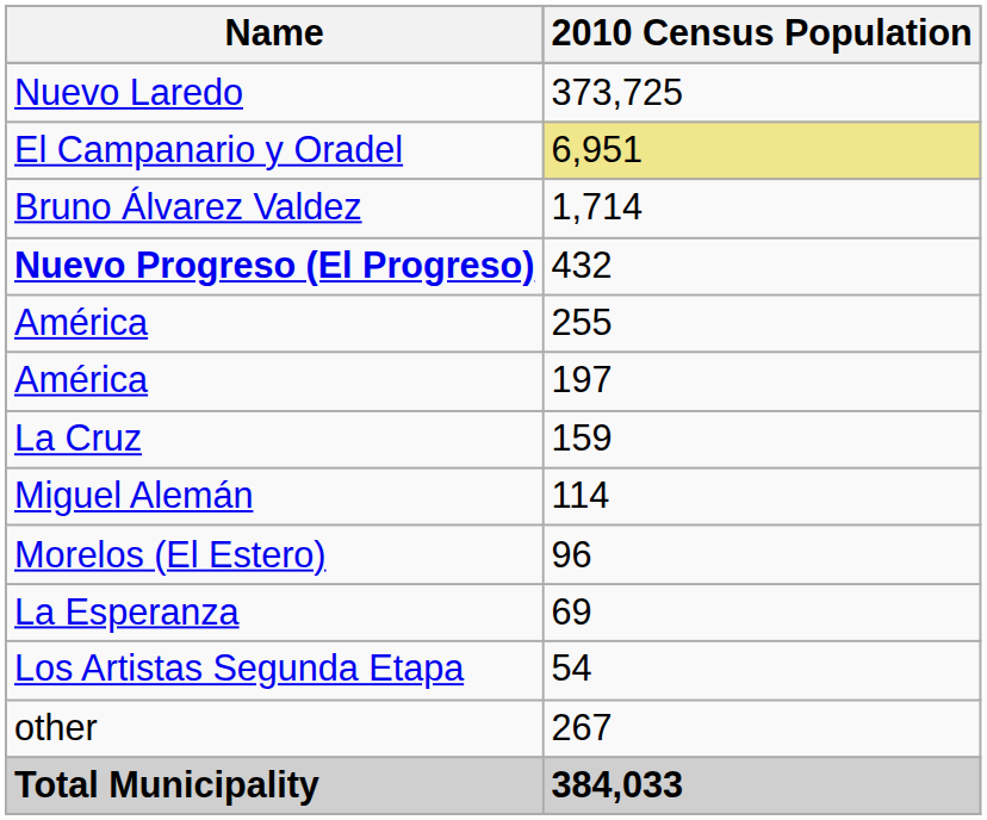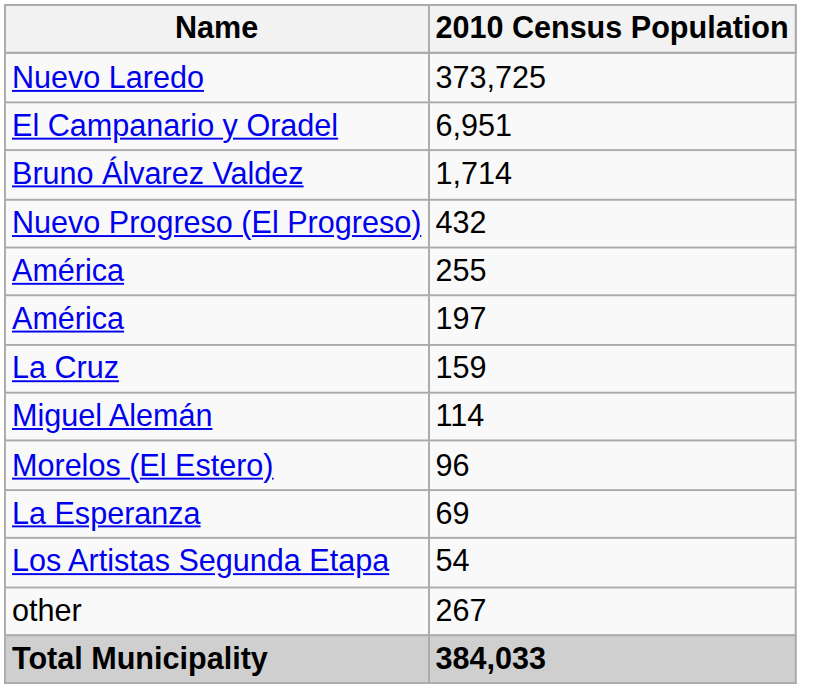 <table class="wikitable">
 <tr style="background:#000000; color:black;">
 <th><strong>Name</strong></th>
 <th><strong>2010 Census Population</strong></th>
 </tr>
 <tr>
 <td><a href='#'>Nuevo Laredo</a></td>
 <td>373,725</td>
 </tr>
 <tr>
 <td><a href='#'>El Campanario y Oradel</a></td>
-<td style="background: khaki;">6,951</td>
+<td>6,951</td>
 </tr>
 <tr>
 <td><a href='#'>Bruno Álvarez Valdez</a></td>
 <td>1,714</td>
 </tr>
 <tr>
-<td><strong><a href='#'>Nuevo Progreso (El Progreso)</a></strong></td>
+<td><a href='#'>Nuevo Progreso (El Progreso)</a></td>
 <td>432</td>
 </tr>
 <tr>
 <td><a href='#'>América</a></td>
 <td>255</td>
 </tr>
 <tr>
 <td><a href='#'>América</a></td>
 <td>197</td>
 </tr>
 <tr>
 <td><a href='#'>La Cruz</a></td>
 <td>159</td>
 </tr>
 <tr>
 <td><a href='#'>Miguel Alemán</a></td>
 <td>114</td>
 </tr>
 <tr>
 <td><a href='#'>Morelos (El Estero)</a></td>
 <td>96</td>
 </tr>
 <tr>
 <td><a href='#'>La Esperanza</a></td>
 <td>69</td>
 </tr>
 <tr>
 <td><a href='#'>Los Artistas Segunda Etapa</a></td>
 <td>54</td>
 </tr>
 <tr>
 <td>other</td>
 <td>267</td>
 </tr>
 <tr style="background:#CFCFCF;">
 <td><strong>Total Municipality</strong></td>
 <td><strong>384,033</strong></td>
 </tr>
 </table>
